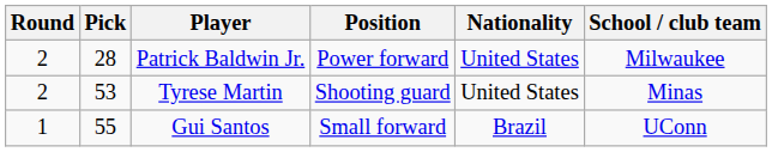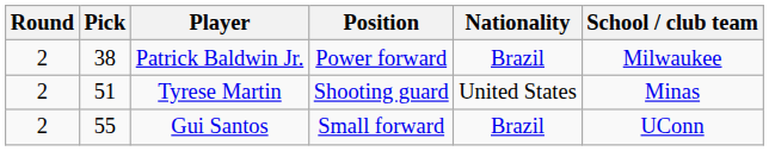 <table class="wikitable sortable sortable">
 <tr>
 <th>Round</th>
 <th>Pick</th>
 <th>Player</th>
 <th>Position</th>
 <th>Nationality</th>
 <th>School / club team</th>
 </tr>
 <tr style="text-align: center">
 <td>2</td>
-<td>28</td>
+<td>38</td>
 <td><a href='#'>Patrick Baldwin Jr.</a></td>
 <td><a href='#'>Power forward</a></td>
-<td> <a href='#'>United States</a></td>
+<td> <a href='#'>Brazil</a></td>
 <td><a href='#'>Milwaukee</a></td>
 </tr>
 <tr style="text-align: center">
 <td>2</td>
-<td>53</td>
+<td>51</td>
 <td><a href='#'>Tyrese Martin</a></td>
 <td><a href='#'>Shooting guard</a></td>
 <td> United States</td>
 <td><a href='#'>Minas</a></td>
 </tr>
 <tr style="text-align: center">
-<td>1</td>
+<td>2</td>
 <td>55</td>
 <td><a href='#'>Gui Santos</a></td>
 <td><a href='#'>Small forward</a></td>
 <td> <a href='#'>Brazil</a></td>
 <td><a href='#'>UConn</a></td>
 </tr>
 </table>
